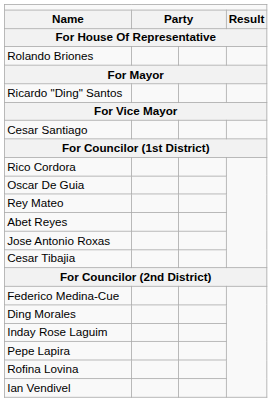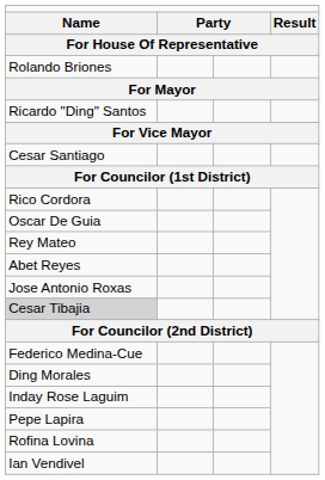 <table class="wikitable" style="font-size:90%">
 <tr>
 <td colspan="5"></td>
 </tr>
 <tr>
 <th width="150px">Name</th>
 <th colspan="2" width="110px">Party</th>
 <th>Result</th>
 </tr>
 <tr>
 <th colspan="5">For House Of Representative</th>
 </tr>
 <tr>
 <td>Rolando Briones</td>
 <td></td>
 <td></td>
 </tr>
 <tr>
 <th colspan="5">For Mayor</th>
 </tr>
 <tr>
 <td>Ricardo "Ding" Santos</td>
 <td></td>
 <td></td>
 </tr>
 <tr>
 <th colspan="5">For Vice Mayor</th>
 </tr>
 <tr>
 <td>Cesar Santiago</td>
 <td></td>
 <td></td>
 </tr>
 <tr>
 <th colspan="5">For Councilor (1st District)</th>
 </tr>
 <tr>
 <td>Rico Cordora</td>
 <td></td>
 <td></td>
 </tr>
 <tr>
 <td>Oscar De Guia</td>
 <td></td>
 <td></td>
 </tr>
 <tr>
 <td>Rey Mateo</td>
 <td></td>
 <td></td>
 </tr>
 <tr>
 <td>Abet Reyes</td>
 <td></td>
 <td></td>
 </tr>
 <tr>
 <td>Jose Antonio Roxas</td>
 <td></td>
 <td></td>
 </tr>
 <tr>
-<td>Cesar Tibajia</td>
+<td style="background: lightgrey;">Cesar Tibajia</td>
 <td></td>
 <td></td>
 </tr>
 <tr>
 <th colspan="5">For Councilor (2nd District)</th>
 </tr>
 <tr>
 <td>Federico Medina-Cue</td>
 <td></td>
 <td></td>
 </tr>
 <tr>
 <td>Ding Morales</td>
 <td></td>
 <td></td>
 </tr>
 <tr>
 <td>Inday Rose Laguim</td>
 <td></td>
 <td></td>
 </tr>
 <tr>
 <td>Pepe Lapira</td>
 <td></td>
 <td></td>
 </tr>
 <tr>
 <td>Rofina Lovina</td>
 <td></td>
 <td></td>
 </tr>
 <tr>
 <td>Ian Vendivel</td>
 <td></td>
 <td></td>
 </tr>
 </table>
